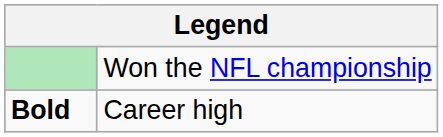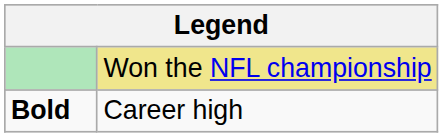 <table class="wikitable mw-collapsible mw-collapsed">
 <tr>
 <th colspan="2">Legend</th>
 </tr>
 <tr>
 <td style="background:#afe6ba; width:3em;"></td>
-<td>Won the <a href='#'>NFL championship</a></td>
+<td style="background: khaki;">Won the <a href='#'>NFL championship</a></td>
 </tr>
 <tr>
 <td><strong>Bold</strong></td>
 <td>Career high</td>
 </tr>
 </table>
